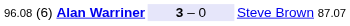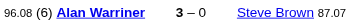 <table style="text-align:center">
 <tr>
 <th width=223></th>
 <th width=100></th>
 <th width=223></th>
 </tr>
 <tr>
 <td align=right><small>96.08</small> (6) <strong><a href='#'>Alan Warriner</a></strong> </td>
-<td style="background: lavender;"><strong>3</strong> – 0</td>
+<td><strong>3</strong> – 0</td>
 <td align=left> <a href='#'>Steve Brown</a> <small>87.07</small></td>
 </tr>
 </table>
